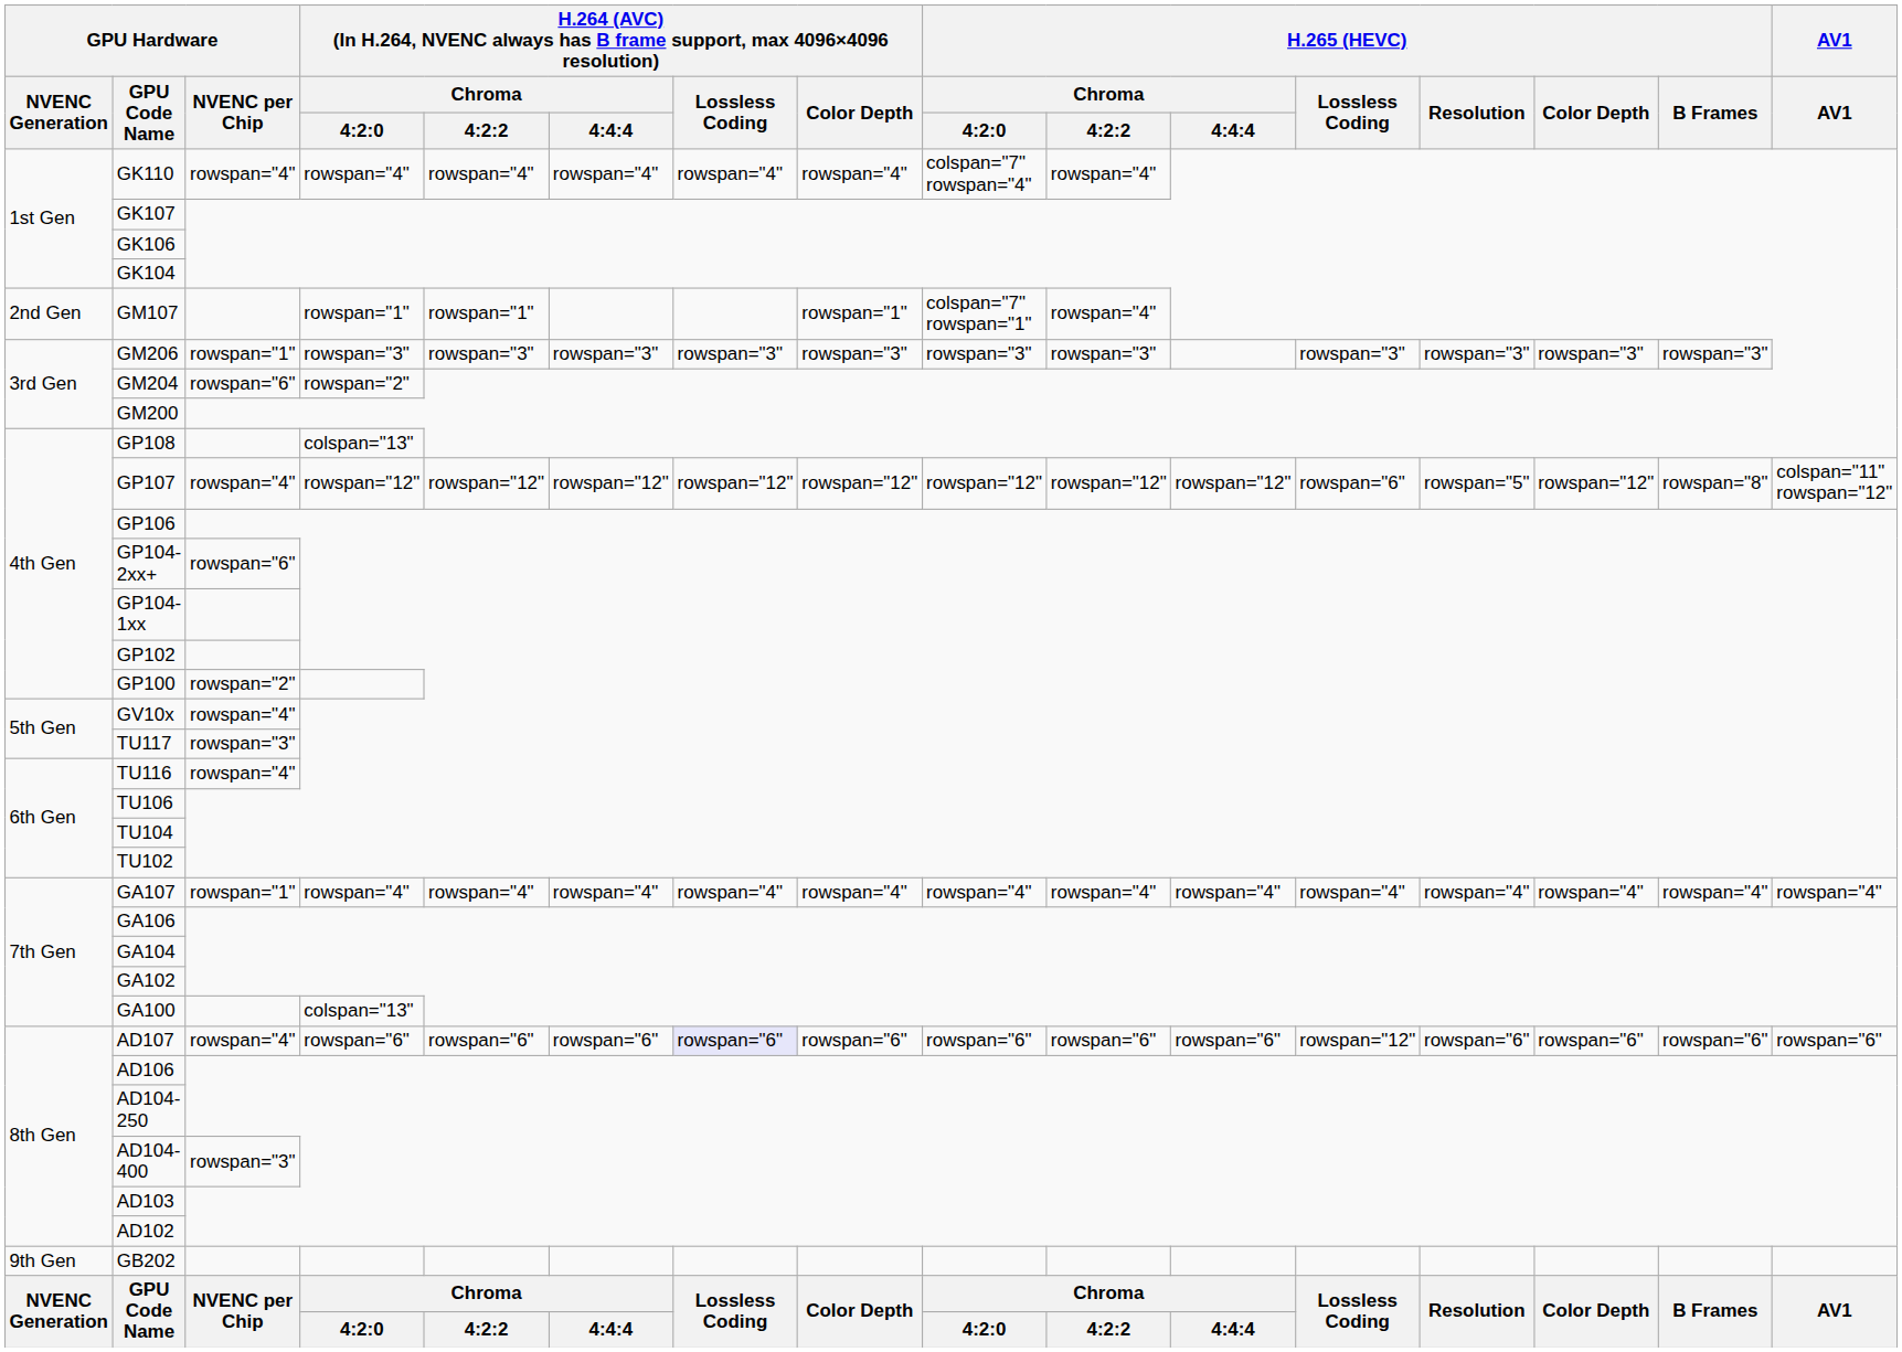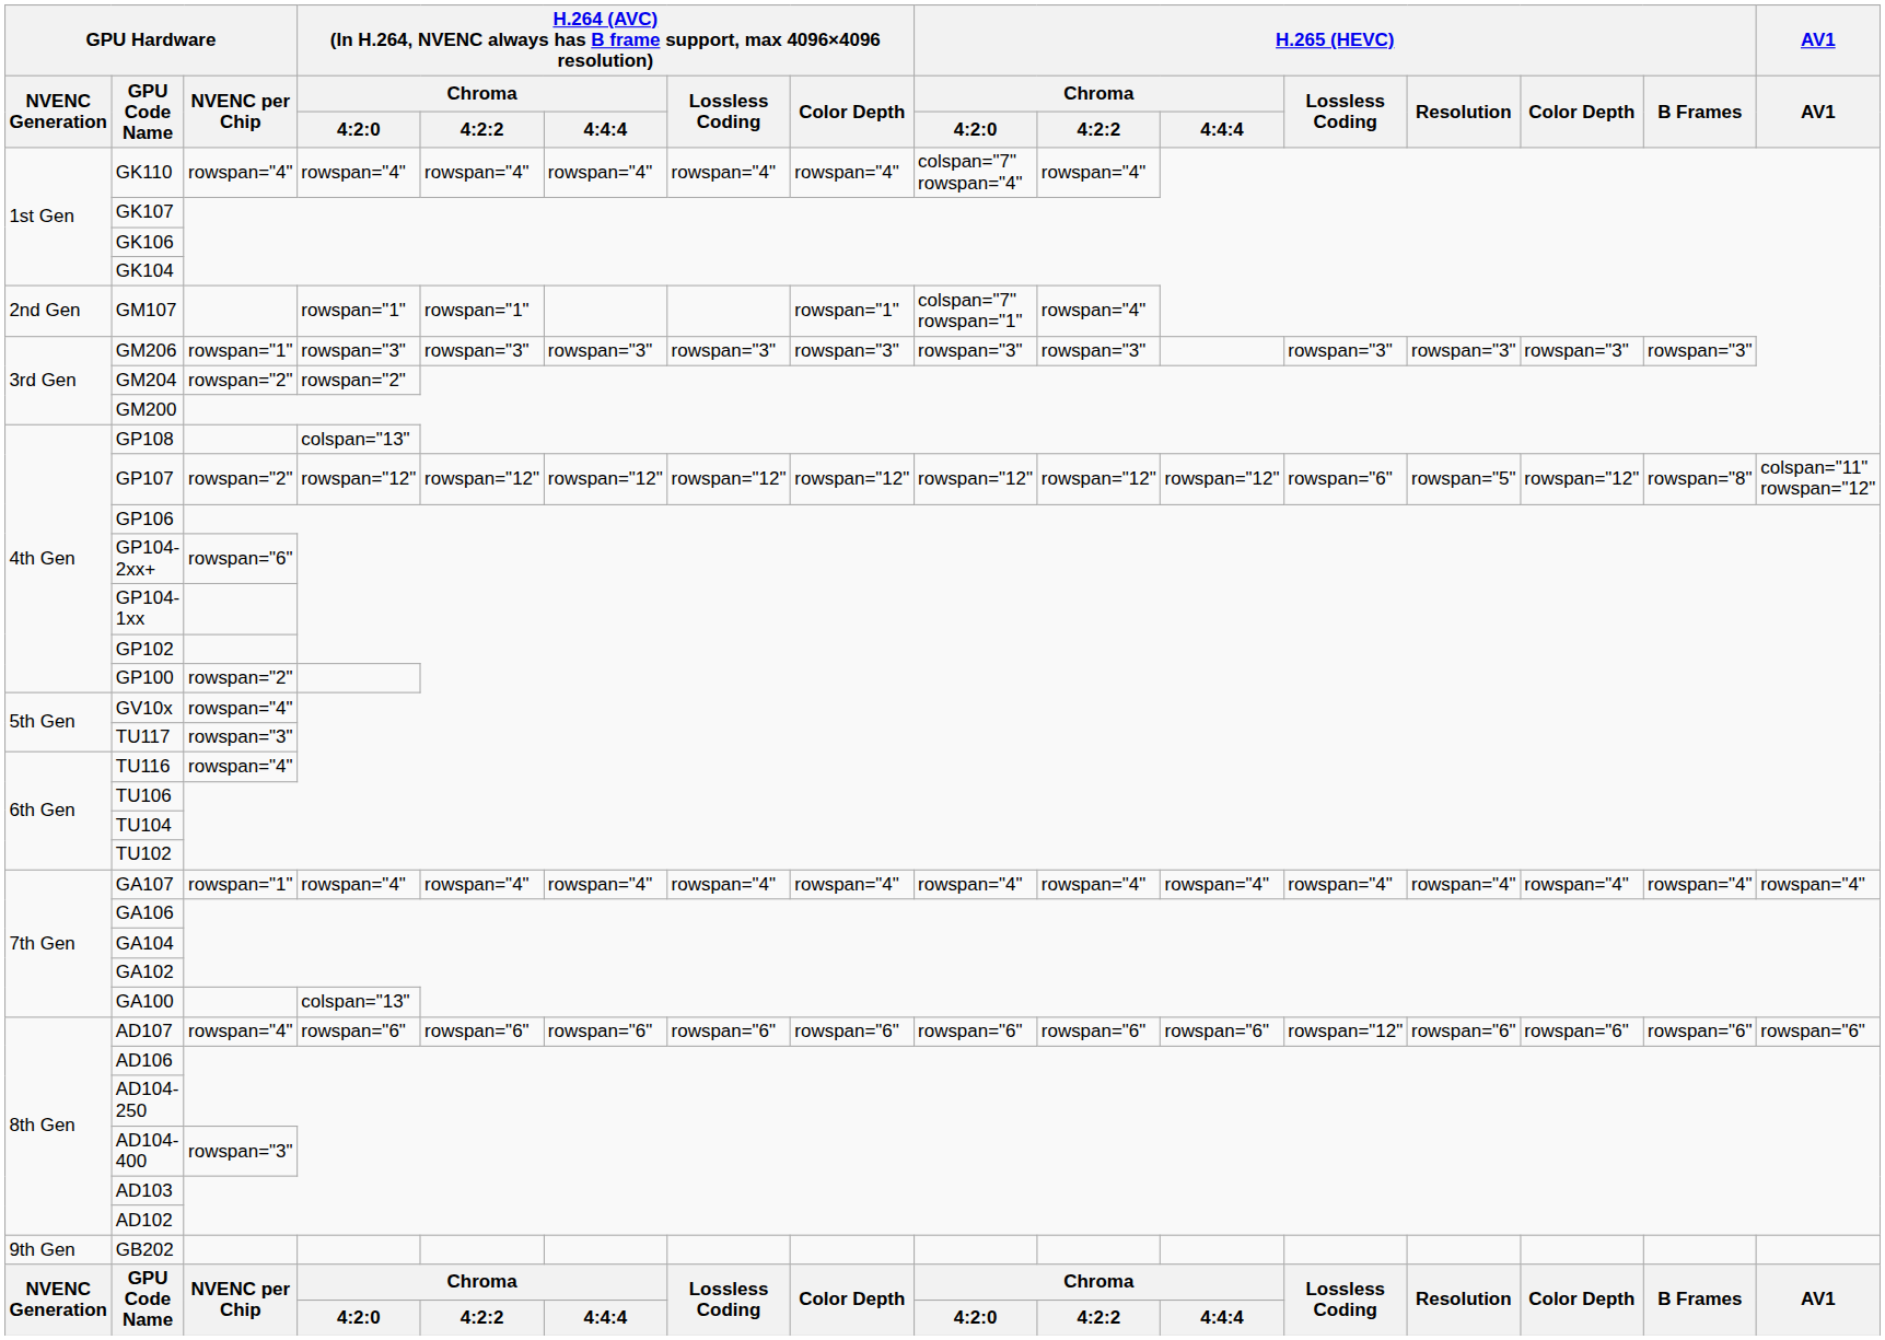 <table class="wikitable">
 <tr>
 <th colspan="3">GPU Hardware</th>
 <th colspan="5"><a href='#'>H.264 (AVC)</a><br>(In H.264, NVENC always has <a href='#'>B frame</a> support, max 4096×4096 resolution)</th>
 <th colspan="7"><a href='#'>H.265 (HEVC)</a></th>
 <th colspan="1"><a href='#'>AV1</a></th>
 </tr>
 <tr>
 <th rowspan="2">NVENC Generation</th>
 <th rowspan="2">GPU Code Name</th>
 <th rowspan="2">NVENC per Chip</th>
 <th colspan="3">Chroma</th>
 <th rowspan="2">Lossless Coding</th>
 <th rowspan="2">Color Depth</th>
 <th colspan="3">Chroma</th>
 <th rowspan="2">Lossless Coding</th>
 <th rowspan="2">Resolution</th>
 <th rowspan="2">Color Depth</th>
 <th rowspan="2">B Frames</th>
 <th rowspan="2">AV1</th>
 </tr>
 <tr>
 <th>4:2:0</th>
 <th>4:2:2</th>
 <th>4:4:4</th>
 <th>4:2:0</th>
 <th>4:2:2</th>
 <th>4:4:4</th>
 </tr>
 <tr>
 <td rowspan="4">1st Gen</td>
 <td>GK110</td>
 <td>rowspan="4" </td>
 <td>rowspan="4" </td>
 <td>rowspan="4" </td>
 <td>rowspan="4" </td>
 <td>rowspan="4" </td>
 <td>rowspan="4" </td>
 <td>colspan="7" rowspan="4" </td>
 <td>rowspan="4" </td>
 </tr>
 <tr>
 <td>GK107</td>
 </tr>
 <tr>
 <td>GK106</td>
 </tr>
 <tr>
 <td>GK104</td>
 </tr>
 <tr>
 <td rowspan="1">2nd Gen</td>
 <td>GM107</td>
 <td></td>
 <td>rowspan="1" </td>
 <td>rowspan="1" </td>
 <td></td>
 <td></td>
 <td>rowspan="1" </td>
 <td>colspan="7" rowspan="1" </td>
 <td>rowspan="4" </td>
 </tr>
 <tr>
 <td rowspan="3">3rd Gen</td>
 <td>GM206</td>
 <td>rowspan="1" </td>
 <td>rowspan="3" </td>
 <td>rowspan="3" </td>
 <td>rowspan="3" </td>
 <td>rowspan="3" </td>
 <td>rowspan="3" </td>
 <td>rowspan="3" </td>
 <td>rowspan="3" </td>
 <td></td>
 <td>rowspan="3" </td>
 <td>rowspan="3" </td>
 <td>rowspan="3" </td>
 <td>rowspan="3" </td>
 </tr>
 <tr>
 <td>GM204</td>
-<td>rowspan="6" </td>
+<td>rowspan="2" </td>
 <td>rowspan="2" </td>
 </tr>
 <tr>
 <td>GM200</td>
 </tr>
 <tr>
 <td rowspan="7">4th Gen</td>
 <td>GP108</td>
 <td></td>
 <td>colspan="13" </td>
 </tr>
 <tr>
 <td>GP107</td>
-<td>rowspan="4" </td>
+<td>rowspan="2" </td>
 <td>rowspan="12" </td>
 <td>rowspan="12" </td>
 <td>rowspan="12" </td>
 <td>rowspan="12" </td>
 <td>rowspan="12" </td>
 <td>rowspan="12" </td>
 <td>rowspan="12" </td>
 <td>rowspan="12" </td>
 <td>rowspan="6" </td>
 <td>rowspan="5" </td>
 <td>rowspan="12" </td>
 <td>rowspan="8" </td>
 <td>colspan="11" rowspan="12" </td>
 </tr>
 <tr>
 <td>GP106</td>
 </tr>
 <tr>
 <td>GP104-2xx+</td>
 <td>rowspan="6" </td>
 </tr>
 <tr>
 <td>GP104-1xx</td>
 <td></td>
 </tr>
 <tr>
 <td>GP102</td>
 <td></td>
 </tr>
 <tr>
 <td>GP100</td>
 <td>rowspan="2" </td>
 <td></td>
 </tr>
 <tr>
 <td rowspan="2">5th Gen</td>
 <td>GV10x</td>
 <td>rowspan="4" </td>
 </tr>
 <tr>
 <td>TU117</td>
 <td>rowspan="3" </td>
 </tr>
 <tr>
 <td rowspan="4">6th Gen</td>
 <td>TU116</td>
 <td>rowspan="4" </td>
 </tr>
 <tr>
 <td>TU106</td>
 </tr>
 <tr>
 <td>TU104</td>
 </tr>
 <tr>
 <td>TU102</td>
 </tr>
 <tr>
 <td rowspan="5">7th Gen</td>
 <td>GA107</td>
 <td>rowspan="1" </td>
 <td>rowspan="4" </td>
 <td>rowspan="4" </td>
 <td>rowspan="4" </td>
 <td>rowspan="4" </td>
 <td>rowspan="4" </td>
 <td>rowspan="4" </td>
 <td>rowspan="4" </td>
 <td>rowspan="4" </td>
 <td>rowspan="4" </td>
 <td>rowspan="4" </td>
 <td>rowspan="4" </td>
 <td>rowspan="4" </td>
 <td>rowspan="4" </td>
 </tr>
 <tr>
 <td>GA106</td>
 </tr>
 <tr>
 <td>GA104</td>
 </tr>
 <tr>
 <td>GA102</td>
 </tr>
 <tr>
 <td>GA100</td>
 <td></td>
 <td>colspan="13" </td>
 </tr>
 <tr>
 <td rowspan="6">8th Gen</td>
 <td>AD107</td>
 <td>rowspan="4" </td>
 <td>rowspan="6" </td>
 <td>rowspan="6" </td>
 <td>rowspan="6" </td>
-<td style="background: lavender;">rowspan="6" </td>
+<td>rowspan="6" </td>
 <td>rowspan="6" </td>
 <td>rowspan="6" </td>
 <td>rowspan="6" </td>
 <td>rowspan="6" </td>
 <td>rowspan="12" </td>
 <td>rowspan="6" </td>
 <td>rowspan="6" </td>
 <td>rowspan="6" </td>
 <td>rowspan="6" </td>
 </tr>
 <tr>
 <td>AD106</td>
 </tr>
 <tr>
 <td>AD104-250</td>
 </tr>
 <tr>
 <td>AD104-400</td>
 <td>rowspan="3" </td>
 </tr>
 <tr>
 <td>AD103</td>
 </tr>
 <tr>
 <td>AD102</td>
 </tr>
 <tr>
 <td>9th Gen</td>
 <td>GB202</td>
 <td></td>
 <td></td>
 <td></td>
 <td></td>
 <td></td>
 <td></td>
 <td></td>
 <td></td>
 <td></td>
 <td></td>
 <td></td>
 <td></td>
 <td></td>
 <td></td>
 </tr>
 <tr>
 <th rowspan="2">NVENC Generation</th>
 <th rowspan="2">GPU Code Name</th>
 <th rowspan="2">NVENC per Chip</th>
 <th colspan="3">Chroma</th>
 <th rowspan="2">Lossless Coding</th>
 <th rowspan="2">Color Depth</th>
 <th colspan="3">Chroma</th>
 <th rowspan="2">Lossless Coding</th>
 <th rowspan="2">Resolution</th>
 <th rowspan="2">Color Depth</th>
 <th rowspan="2">B Frames</th>
 <th rowspan="2">AV1</th>
 </tr>
 <tr>
 <th>4:2:0</th>
 <th>4:2:2</th>
 <th>4:4:4</th>
 <th>4:2:0</th>
 <th>4:2:2</th>
 <th>4:4:4</th>
 </tr>
 </table>
